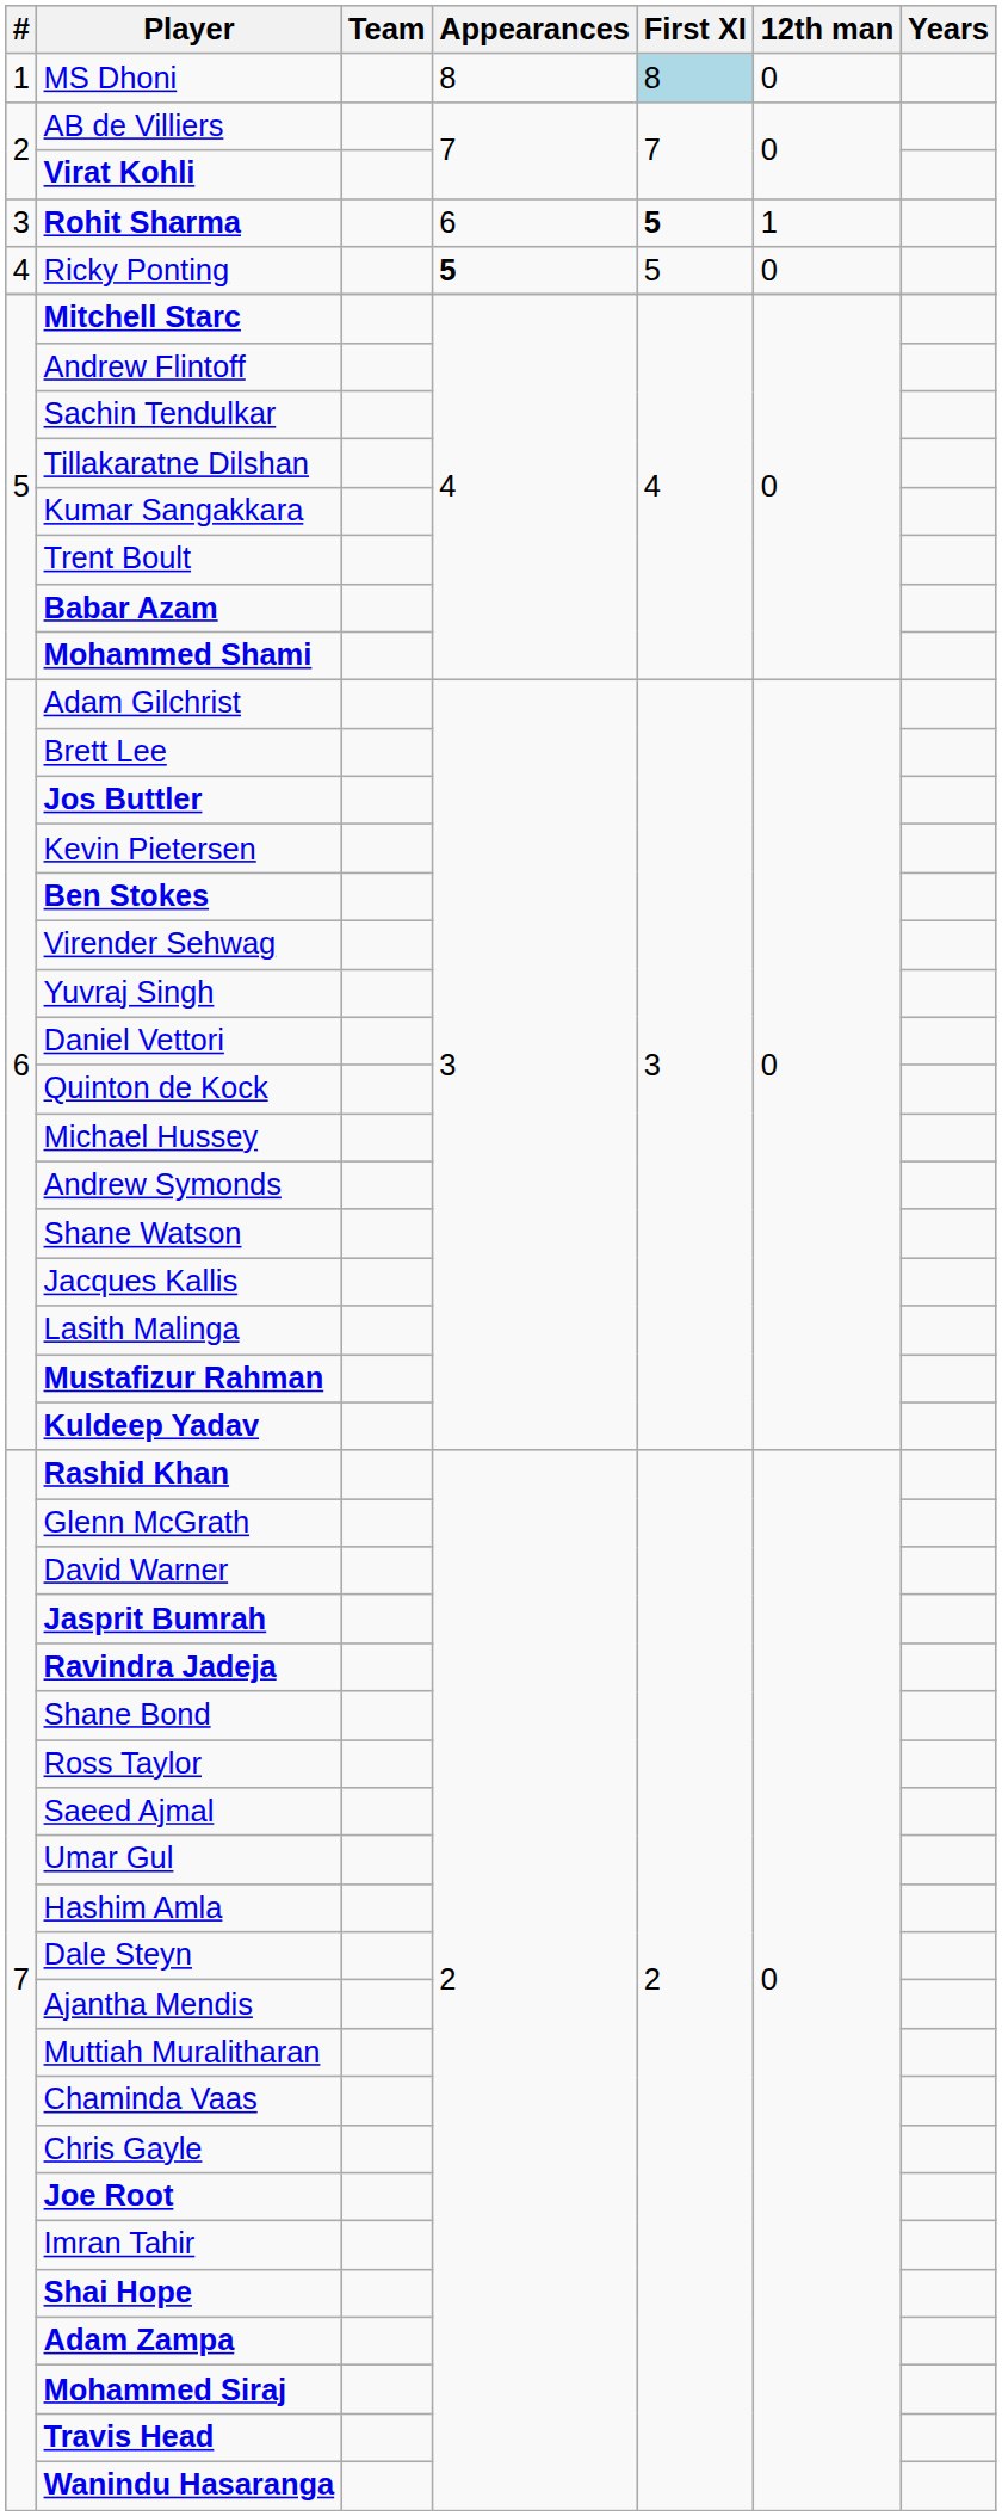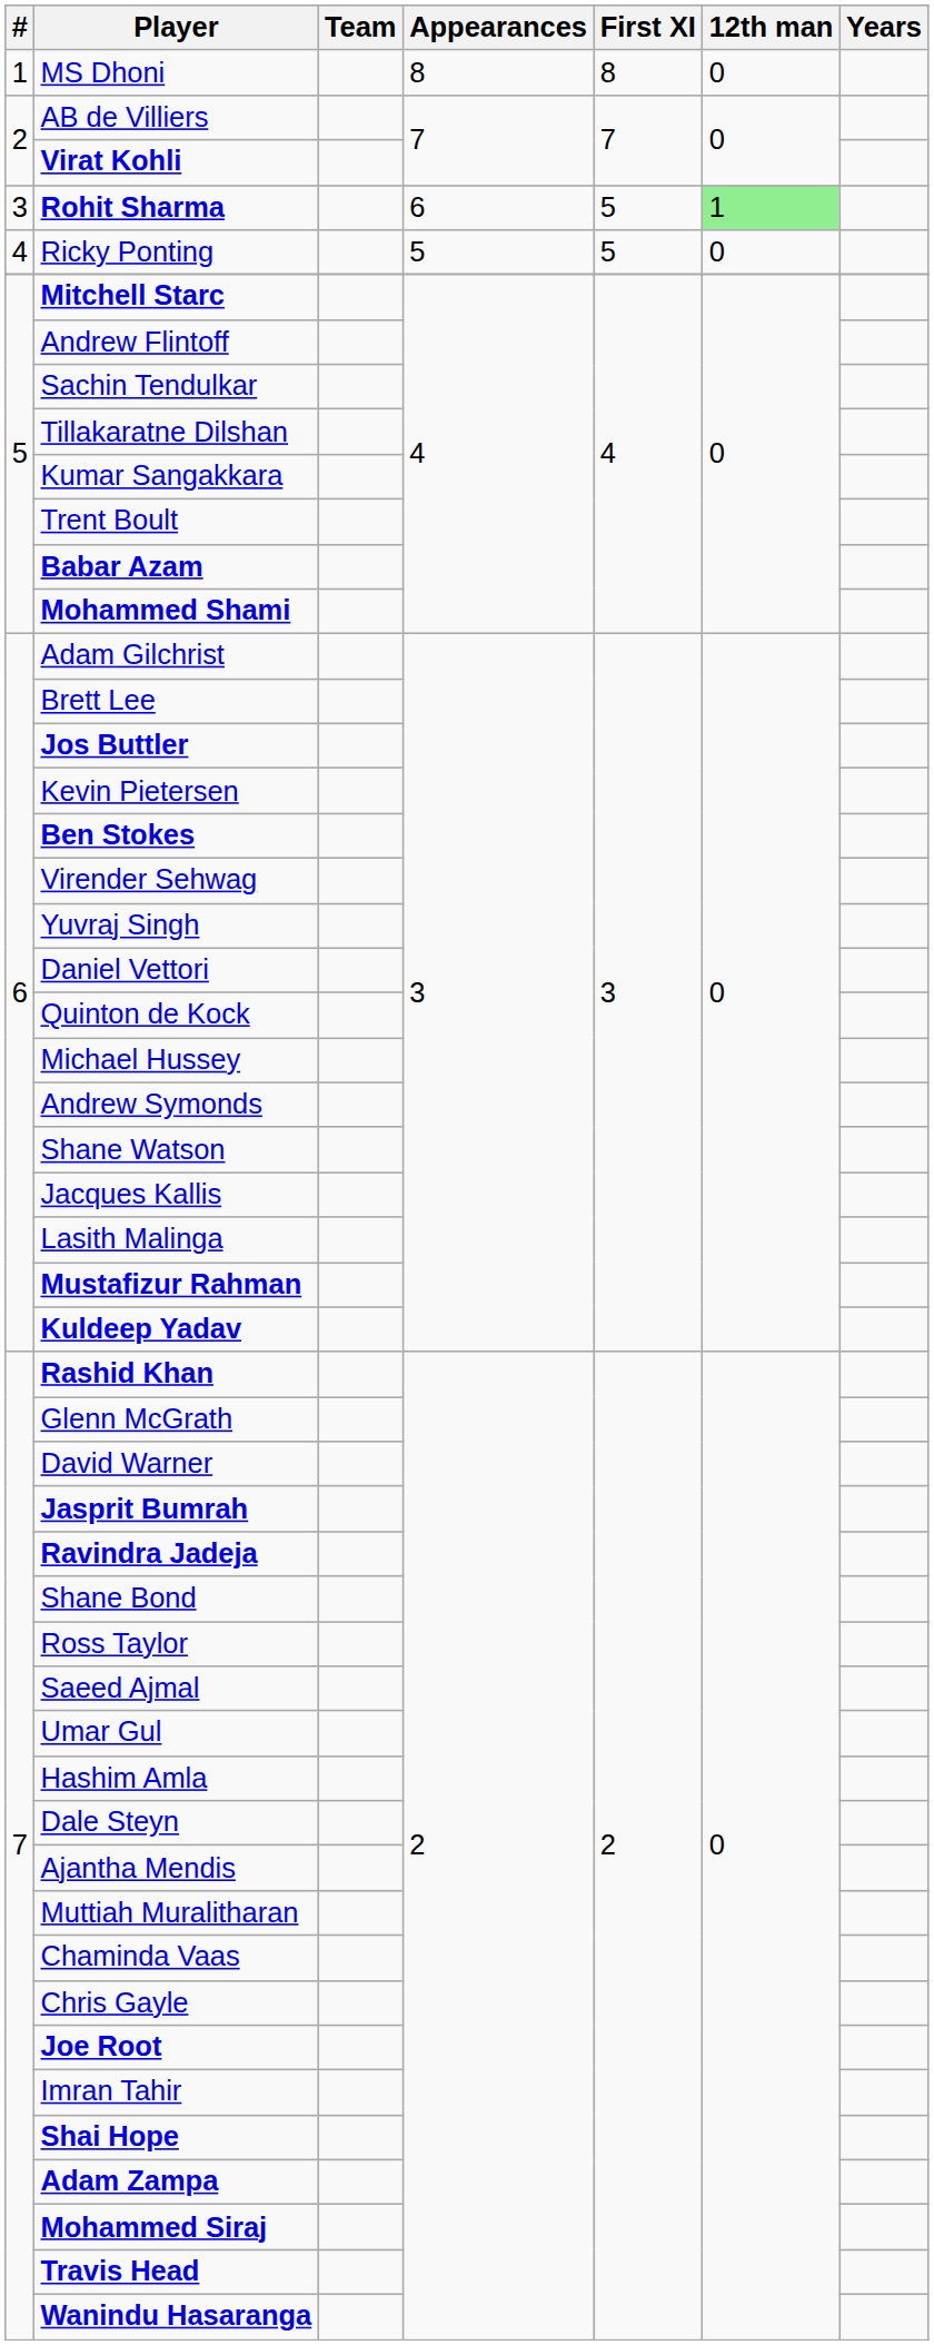 <table class="wikitable">
 <tr>
 <th>#</th>
 <th>Player</th>
 <th>Team</th>
 <th>Appearances</th>
 <th>First XI</th>
 <th>12th man</th>
 <th>Years</th>
 </tr>
 <tr>
 <td>1</td>
 <td><a href='#'>MS Dhoni</a></td>
 <td></td>
 <td>8</td>
-<td style="background: lightblue;">8</td>
+<td>8</td>
 <td>0</td>
 <td></td>
 </tr>
 <tr>
 <td rowspan=2>2</td>
 <td><a href='#'>AB de Villiers</a></td>
 <td></td>
 <td rowspan=2>7</td>
 <td rowspan=2>7</td>
 <td rowspan=2>0</td>
 <td></td>
 </tr>
 <tr>
 <td><strong><a href='#'>Virat Kohli</a></strong></td>
 <td></td>
 <td></td>
 </tr>
 <tr>
 <td>3</td>
 <td><strong><a href='#'>Rohit Sharma</a></strong></td>
 <td></td>
 <td>6</td>
-<td><strong>5</strong></td>
-<td>1</td>
+<td>5</td>
+<td style="background: lightgreen;">1</td>
 <td></td>
 </tr>
 <tr>
 <td>4</td>
 <td><a href='#'>Ricky Ponting</a></td>
 <td></td>
-<td><strong>5</strong></td>
+<td>5</td>
 <td>5</td>
 <td>0</td>
 <td></td>
 </tr>
 <tr>
 </tr>
 <tr>
 <td rowspan=8>5</td>
 <td><strong><a href='#'>Mitchell Starc</a></strong></td>
 <td></td>
 <td rowspan=8>4</td>
 <td rowspan=8>4</td>
 <td rowspan=8>0</td>
 <td></td>
 </tr>
 <tr>
 <td><a href='#'>Andrew Flintoff</a></td>
 <td></td>
 <td></td>
 </tr>
 <tr>
 <td><a href='#'>Sachin Tendulkar</a></td>
 <td></td>
 <td></td>
 </tr>
 <tr>
 <td><a href='#'>Tillakaratne Dilshan</a></td>
 <td></td>
 <td></td>
 </tr>
 <tr>
 <td><a href='#'>Kumar Sangakkara</a></td>
 <td></td>
 <td></td>
 </tr>
 <tr>
 <td><a href='#'>Trent Boult</a></td>
 <td></td>
 <td></td>
 </tr>
 <tr>
 <td><strong><a href='#'>Babar Azam</a></strong></td>
 <td></td>
 <td></td>
 </tr>
 <tr>
 <td><strong><a href='#'>Mohammed Shami</a></strong></td>
 <td></td>
 <td></td>
 </tr>
 <tr>
 <td rowspan=16>6</td>
 <td><a href='#'>Adam Gilchrist</a></td>
 <td></td>
 <td rowspan=16>3</td>
 <td rowspan=16>3</td>
 <td rowspan=16>0</td>
 <td></td>
 </tr>
 <tr>
 <td><a href='#'>Brett Lee</a></td>
 <td></td>
 <td></td>
 </tr>
 <tr>
 <td><strong><a href='#'>Jos Buttler</a></strong></td>
 <td></td>
 <td></td>
 </tr>
 <tr>
 <td><a href='#'>Kevin Pietersen</a></td>
 <td></td>
 <td></td>
 </tr>
 <tr>
 <td><strong><a href='#'>Ben Stokes</a></strong></td>
 <td></td>
 <td></td>
 </tr>
 <tr>
 <td><a href='#'>Virender Sehwag</a></td>
 <td></td>
 <td></td>
 </tr>
 <tr>
 <td><a href='#'>Yuvraj Singh</a></td>
 <td></td>
 <td></td>
 </tr>
 <tr>
 <td><a href='#'>Daniel Vettori</a></td>
 <td></td>
 <td></td>
 </tr>
 <tr>
 <td><a href='#'>Quinton de Kock</a></td>
 <td></td>
 <td></td>
 </tr>
 <tr>
 <td><a href='#'>Michael Hussey</a></td>
 <td></td>
 <td></td>
 </tr>
 <tr>
 <td><a href='#'>Andrew Symonds</a></td>
 <td></td>
 <td></td>
 </tr>
 <tr>
 <td><a href='#'>Shane Watson</a></td>
 <td></td>
 <td></td>
 </tr>
 <tr>
 <td><a href='#'>Jacques Kallis</a></td>
 <td></td>
 <td></td>
 </tr>
 <tr>
 <td><a href='#'>Lasith Malinga</a></td>
 <td></td>
 <td></td>
 </tr>
 <tr>
 <td><strong><a href='#'>Mustafizur Rahman</a></strong></td>
 <td></td>
 <td></td>
 </tr>
 <tr>
 <td><strong><a href='#'>Kuldeep Yadav</a></strong></td>
 <td></td>
 <td></td>
 </tr>
 <tr>
 <td rowspan=23>7</td>
 <td><strong><a href='#'>Rashid Khan</a></strong></td>
 <td></td>
 <td rowspan=23>2</td>
 <td rowspan=23>2</td>
 <td rowspan=23>0</td>
 <td></td>
 </tr>
 <tr>
 <td><a href='#'>Glenn McGrath</a></td>
 <td></td>
 <td></td>
 </tr>
 <tr>
 <td><a href='#'>David Warner</a></td>
 <td></td>
 <td></td>
 </tr>
 <tr>
 <td><strong><a href='#'>Jasprit Bumrah</a></strong></td>
 <td></td>
 <td></td>
 </tr>
 <tr>
 <td><strong><a href='#'>Ravindra Jadeja</a></strong></td>
 <td></td>
 <td></td>
 </tr>
 <tr>
 <td><a href='#'>Shane Bond</a></td>
 <td></td>
 <td></td>
 </tr>
 <tr>
 <td><a href='#'>Ross Taylor</a></td>
 <td></td>
 <td></td>
 </tr>
 <tr>
 <td><a href='#'>Saeed Ajmal</a></td>
 <td></td>
 <td></td>
 </tr>
 <tr>
 <td><a href='#'>Umar Gul</a></td>
 <td></td>
 <td></td>
 </tr>
 <tr>
 <td><a href='#'>Hashim Amla</a></td>
 <td></td>
 <td></td>
 </tr>
 <tr>
 <td><a href='#'>Dale Steyn</a></td>
 <td></td>
 <td></td>
 </tr>
 <tr>
 <td><a href='#'>Ajantha Mendis</a></td>
 <td></td>
 <td></td>
 </tr>
 <tr>
 <td><a href='#'>Muttiah Muralitharan</a></td>
 <td></td>
 <td></td>
 </tr>
 <tr>
 <td><a href='#'>Chaminda Vaas</a></td>
 <td></td>
 <td></td>
 </tr>
 <tr>
 <td><a href='#'>Chris Gayle</a></td>
 <td></td>
 <td></td>
 </tr>
 <tr>
 <td><strong><a href='#'>Joe Root</a></strong></td>
 <td></td>
 <td></td>
 </tr>
 <tr>
 <td><a href='#'>Imran Tahir</a></td>
 <td></td>
 <td></td>
 </tr>
 <tr>
 <td><strong><a href='#'>Shai Hope</a></strong></td>
 <td></td>
 <td></td>
 </tr>
 <tr>
 <td><strong><a href='#'>Adam Zampa</a></strong></td>
 <td></td>
 <td></td>
 </tr>
 <tr>
 <td><strong><a href='#'>Mohammed Siraj</a></strong></td>
 <td></td>
 <td></td>
 </tr>
 <tr>
 <td><strong><a href='#'>Travis Head</a></strong></td>
 <td></td>
 <td></td>
 </tr>
 <tr>
 <td><strong><a href='#'>Wanindu Hasaranga</a></strong></td>
 <td></td>
 <td></td>
 </tr>
 </table>
